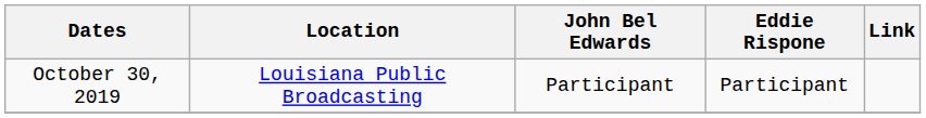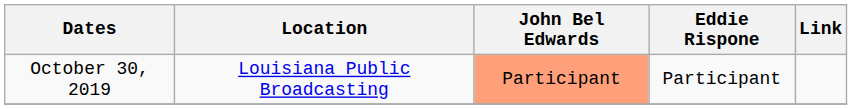 <table class="wikitable" style="text-align:center">
 <tr>
 <th>Dates</th>
 <th>Location</th>
 <th>John Bel Edwards</th>
 <th>Eddie Rispone</th>
 <th>Link</th>
 </tr>
 <tr>
 <td>October 30, 2019</td>
 <td><a href='#'>Louisiana Public Broadcasting</a></td>
-<td>Participant</td>
+<td style="background: lightsalmon;">Participant</td>
 <td>Participant</td>
 <td align=left></td>
 </tr>
 <tr>
 </tr>
 </table>
